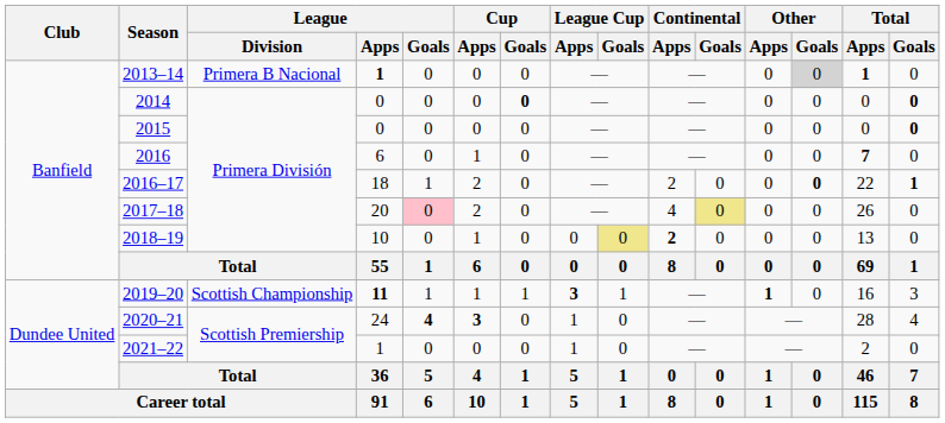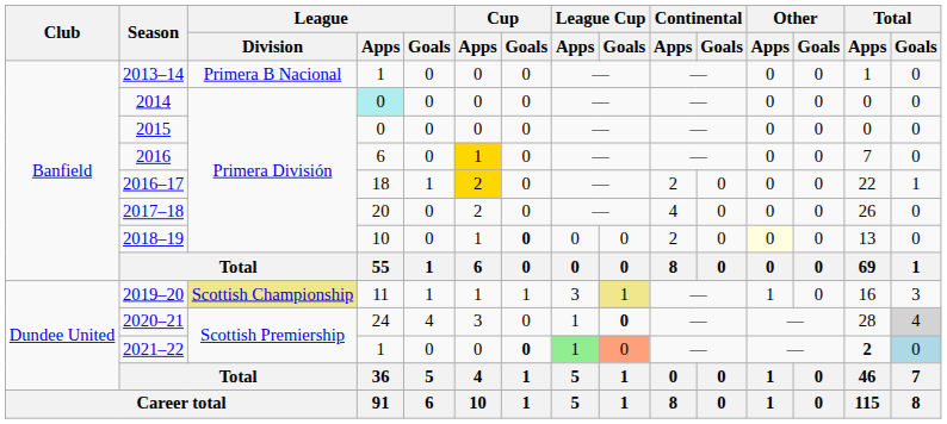 <table class="wikitable" style="text-align:center">
 <tr>
 <th rowspan="2">Club</th>
 <th rowspan="2">Season</th>
 <th colspan="3">League</th>
 <th colspan="2">Cup</th>
 <th colspan="2">League Cup</th>
 <th colspan="2">Continental</th>
 <th colspan="2">Other</th>
 <th colspan="2">Total</th>
 </tr>
 <tr>
 <th>Division</th>
 <th>Apps</th>
 <th>Goals</th>
 <th>Apps</th>
 <th>Goals</th>
 <th>Apps</th>
 <th>Goals</th>
 <th>Apps</th>
 <th>Goals</th>
 <th>Apps</th>
 <th>Goals</th>
 <th>Apps</th>
 <th>Goals</th>
 </tr>
 <tr>
 <td rowspan="8"><a href='#'>Banfield</a></td>
 <td><a href='#'>2013–14</a></td>
 <td><a href='#'>Primera B Nacional</a></td>
-<td><strong>1</strong></td>
+<td>1</td>
 <td>0</td>
 <td>0</td>
 <td>0</td>
 <td colspan="2">—</td>
 <td colspan="2">—</td>
 <td>0</td>
-<td style="background: lightgrey;">0</td>
-<td><strong>1</strong></td>
+<td>0</td>
+<td>1</td>
 <td>0</td>
 </tr>
 <tr>
 <td><a href='#'>2014</a></td>
 <td rowspan="6"><a href='#'>Primera División</a></td>
+<td style="background: paleturquoise;">0</td>
 <td>0</td>
 <td>0</td>
 <td>0</td>
-<td><strong>0</strong></td>
 <td colspan="2">—</td>
 <td colspan="2">—</td>
 <td>0</td>
 <td>0</td>
 <td>0</td>
-<td><strong>0</strong></td>
+<td>0</td>
 </tr>
 <tr>
 <td><a href='#'>2015</a></td>
 <td>0</td>
 <td>0</td>
 <td>0</td>
 <td>0</td>
 <td colspan="2">—</td>
 <td colspan="2">—</td>
 <td>0</td>
 <td>0</td>
 <td>0</td>
-<td><strong>0</strong></td>
+<td>0</td>
 </tr>
 <tr>
 <td><a href='#'>2016</a></td>
 <td>6</td>
 <td>0</td>
-<td>1</td>
+<td style="background: gold;">1</td>
 <td>0</td>
 <td colspan="2">—</td>
 <td colspan="2">—</td>
 <td>0</td>
 <td>0</td>
-<td><strong>7</strong></td>
+<td>7</td>
 <td>0</td>
 </tr>
 <tr>
 <td><a href='#'>2016–17</a></td>
 <td>18</td>
 <td>1</td>
-<td>2</td>
+<td style="background: gold;">2</td>
 <td>0</td>
 <td colspan="2">—</td>
 <td>2</td>
 <td>0</td>
 <td>0</td>
-<td><strong>0</strong></td>
+<td>0</td>
 <td>22</td>
-<td><strong>1</strong></td>
+<td>1</td>
 </tr>
 <tr>
 <td><a href='#'>2017–18</a></td>
 <td>20</td>
-<td style="background: pink;">0</td>
+<td>0</td>
 <td>2</td>
 <td>0</td>
 <td colspan="2">—</td>
 <td>4</td>
-<td style="background: khaki;">0</td>
+<td>0</td>
 <td>0</td>
 <td>0</td>
 <td>26</td>
 <td>0</td>
 </tr>
 <tr>
 <td><a href='#'>2018–19</a></td>
 <td>10</td>
 <td>0</td>
 <td>1</td>
+<td><strong>0</strong></td>
 <td>0</td>
 <td>0</td>
-<td style="background: khaki;">0</td>
-<td><strong>2</strong></td>
+<td>2</td>
 <td>0</td>
-<td>0</td>
+<td style="background: lightyellow;">0</td>
 <td>0</td>
 <td>13</td>
 <td>0</td>
 </tr>
 <tr>
 <th colspan="2">Total</th>
 <th>55</th>
 <th>1</th>
 <th>6</th>
 <th>0</th>
 <th>0</th>
 <th>0</th>
 <th>8</th>
 <th>0</th>
 <th>0</th>
 <th>0</th>
 <th>69</th>
 <th>1</th>
 </tr>
 <tr>
 <td rowspan="4"><a href='#'>Dundee United</a></td>
 <td><a href='#'>2019–20</a></td>
-<td><a href='#'>Scottish Championship</a></td>
-<td><strong>11</strong></td>
+<td style="background: khaki;"><a href='#'>Scottish Championship</a></td>
+<td>11</td>
 <td>1</td>
 <td>1</td>
 <td>1</td>
-<td><strong>3</strong></td>
+<td>3</td>
+<td style="background: khaki;">1</td>
+<td colspan="2">—</td>
 <td>1</td>
-<td colspan="2">—</td>
-<td><strong>1</strong></td>
 <td>0</td>
 <td>16</td>
 <td>3</td>
 </tr>
 <tr>
 <td><a href='#'>2020–21</a></td>
 <td rowspan="2"><a href='#'>Scottish Premiership</a></td>
 <td>24</td>
-<td><strong>4</strong></td>
-<td><strong>3</strong></td>
+<td>4</td>
+<td>3</td>
 <td>0</td>
 <td>1</td>
-<td>0</td>
+<td><strong>0</strong></td>
 <td colspan="2">—</td>
 <td colspan="2">—</td>
 <td>28</td>
-<td>4</td>
+<td style="background: lightgrey;">4</td>
 </tr>
 <tr>
 <td><a href='#'>2021–22</a></td>
 <td>1</td>
 <td>0</td>
 <td>0</td>
-<td>0</td>
-<td>1</td>
-<td>0</td>
+<td><strong>0</strong></td>
+<td style="background: lightgreen;">1</td>
+<td style="background: lightsalmon;">0</td>
 <td colspan="2">—</td>
 <td colspan="2">—</td>
-<td>2</td>
-<td>0</td>
+<td><strong>2</strong></td>
+<td style="background: lightblue;">0</td>
 </tr>
 <tr>
 <th colspan="2">Total</th>
 <th>36</th>
 <th>5</th>
 <th>4</th>
 <th>1</th>
 <th>5</th>
 <th>1</th>
 <th>0</th>
 <th>0</th>
 <th>1</th>
 <th>0</th>
 <th>46</th>
 <th>7</th>
 </tr>
 <tr>
 <th colspan="3">Career total</th>
 <th>91</th>
 <th>6</th>
 <th>10</th>
 <th>1</th>
 <th>5</th>
 <th>1</th>
 <th>8</th>
 <th>0</th>
 <th>1</th>
 <th>0</th>
 <th>115</th>
 <th>8</th>
 </tr>
 </table>
